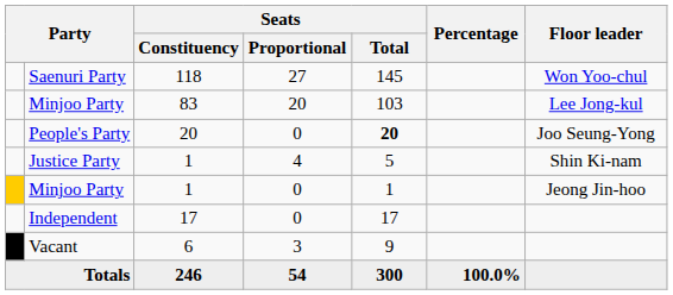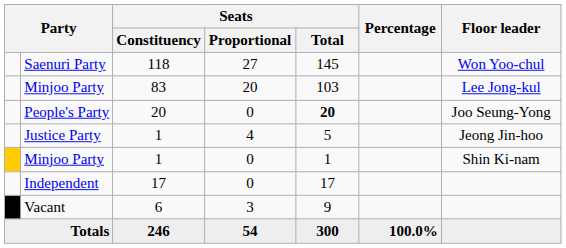 <table class=wikitable style=text-align:center>
 <tr>
 <th scope="col" rowspan="2" colspan="2">Party</th>
 <th scope="col" colspan="3">Seats</th>
 <th scope="col" rowspan="2" width="80">Percentage</th>
 <th scope="col" rowspan="2" width="120">Floor leader</th>
 </tr>
 <tr>
 <th scope="col" width="90">Constituency</th>
 <th scope="col" width="90">Proportional</th>
 <th scope="col" width="60">Total</th>
 </tr>
 <tr>
 <td scope="row" width="10" style="background-color:"></td>
 <td align="left"><a href='#'>Saenuri Party</a></td>
 <td>118</td>
 <td>27</td>
 <td>145</td>
 <td align="right"></td>
 <td><a href='#'>Won Yoo-chul</a></td>
 </tr>
 <tr>
 <td scope="row" style="background-color:"></td>
 <td align="left"><a href='#'>Minjoo Party</a></td>
 <td>83</td>
 <td>20</td>
 <td>103</td>
 <td align="right"></td>
 <td><a href='#'>Lee Jong-kul</a></td>
 </tr>
 <tr>
 <td scope="row" style="background-color:"></td>
 <td align="left"><a href='#'>People's Party</a></td>
 <td>20</td>
 <td>0</td>
 <td><strong>20</strong></td>
 <td align="right"></td>
 <td>Joo Seung-Yong</td>
 </tr>
 <tr>
 <td scope="row" style="background-color:"></td>
 <td align="left"><a href='#'>Justice Party</a></td>
 <td>1</td>
 <td>4</td>
 <td>5</td>
 <td align="right"></td>
-<td>Shin Ki-nam</td>
+<td>Jeong Jin-hoo</td>
 </tr>
 <tr>
 <td scope="row" style="background-color:#FFCC00"></td>
 <td align="left"><a href='#'>Minjoo Party</a></td>
 <td>1</td>
 <td>0</td>
 <td>1</td>
 <td align="right"></td>
-<td>Jeong Jin-hoo</td>
+<td>Shin Ki-nam</td>
 </tr>
 <tr>
 <td scope="row" style="background-color:"></td>
 <td align="left"><a href='#'>Independent</a></td>
 <td>17</td>
 <td>0</td>
 <td>17</td>
 <td align="right"></td>
 <td></td>
 </tr>
 <tr>
 <td scope="row" style="background-color:#000000"></td>
 <td align="left">Vacant</td>
 <td>6</td>
 <td>3</td>
 <td>9</td>
 <td align="right"></td>
 <td colspan="2" align="right"></td>
 </tr>
 <tr bgcolor="#EEEEEE">
 <td scope="row" colspan="2" align="right"><strong>Totals</strong></td>
 <td><strong>246</strong></td>
 <td><strong>54</strong></td>
 <td><strong>300</strong></td>
 <td align="right"><strong>100.0%</strong></td>
 <td></td>
 </tr>
 </table>
